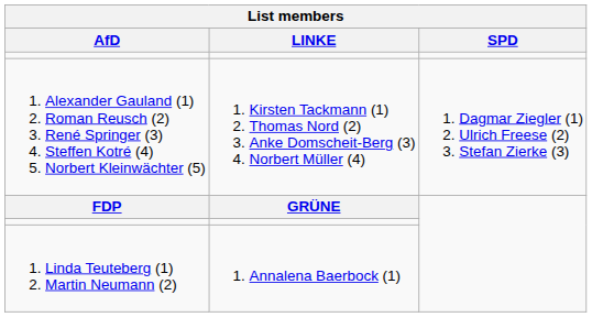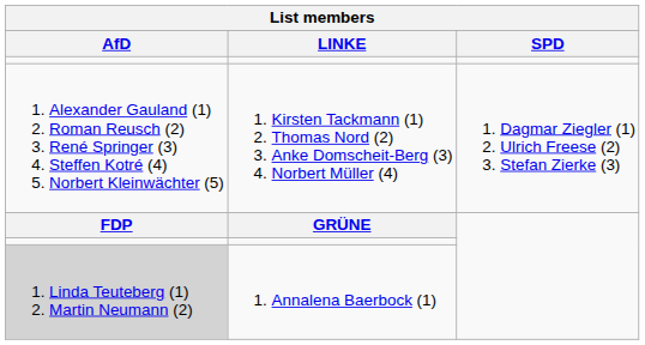 <table class=wikitable>
 <tr>
 <th colspan=3>List members</th>
 </tr>
 <tr>
 <th><a href='#'>AfD</a></th>
 <th><a href='#'>LINKE</a></th>
 <th><a href='#'>SPD</a></th>
 </tr>
 <tr>
 <td bgcolor=></td>
 <td bgcolor=></td>
 <td bgcolor=></td>
 </tr>
 <tr>
 <td><br><ol><li><a href='#'>Alexander Gauland</a> (1)</li><li><a href='#'>Roman Reusch</a> (2)</li><li><a href='#'>René Springer</a> (3)</li><li><a href='#'>Steffen Kotré</a> (4)</li><li><a href='#'>Norbert Kleinwächter</a> (5)</li></ol></td>
 <td><br><ol><li><a href='#'>Kirsten Tackmann</a> (1)</li><li><a href='#'>Thomas Nord</a> (2)</li><li><a href='#'>Anke Domscheit-Berg</a> (3)</li><li><a href='#'>Norbert Müller</a> (4)</li></ol></td>
 <td><br><ol><li><a href='#'>Dagmar Ziegler</a> (1)</li><li><a href='#'>Ulrich Freese</a> (2)</li><li><a href='#'>Stefan Zierke</a> (3)</li></ol></td>
 </tr>
 <tr>
 <th><a href='#'>FDP</a></th>
 <th><a href='#'>GRÜNE</a></th>
 </tr>
 <tr>
 <td bgcolor=></td>
 <td bgcolor=></td>
 </tr>
 <tr>
-<td><br><ol><li><a href='#'>Linda Teuteberg</a> (1)</li><li><a href='#'>Martin Neumann</a> (2)</li></ol></td>
+<td style="background: lightgrey;"><br><ol><li><a href='#'>Linda Teuteberg</a> (1)</li><li><a href='#'>Martin Neumann</a> (2)</li></ol></td>
 <td><br><ol><li><a href='#'>Annalena Baerbock</a> (1)</li></ol></td>
 </tr>
 </table>
